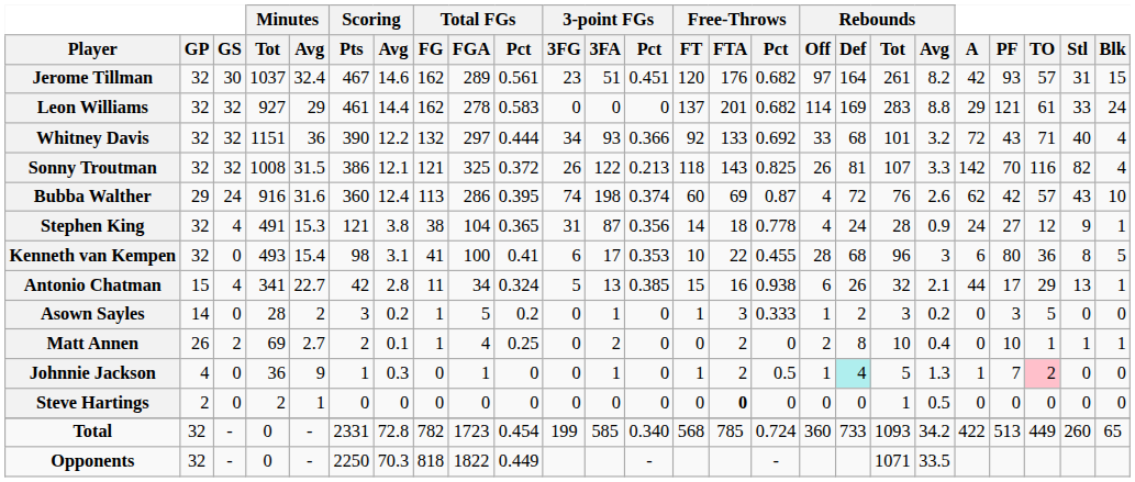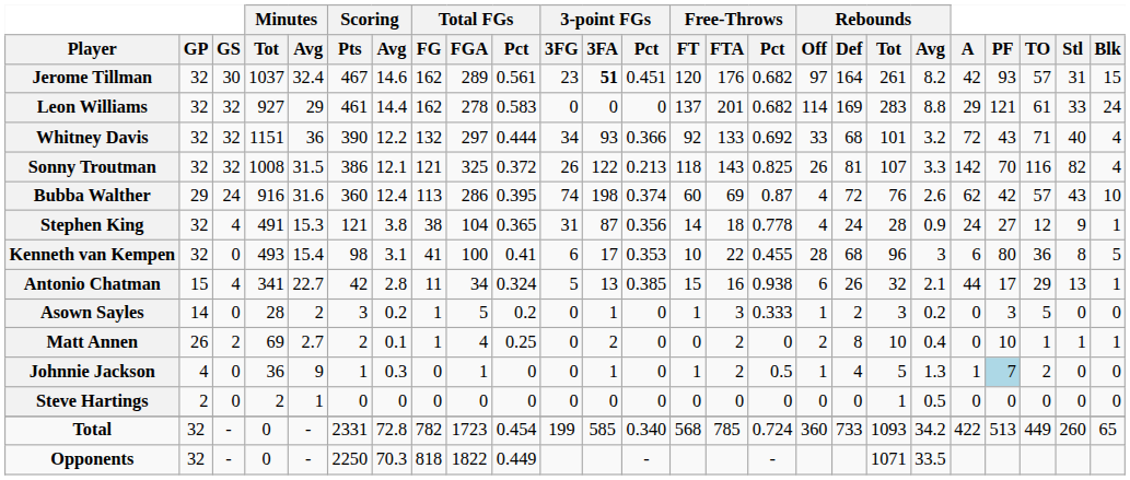 <table class="wikitable sortable" border="1" style="font-size:90%;">
 <tr>
 <th colspan="3" style="border-top-style:hidden; border-left-style:hidden; background: white;"></th>
 <th colspan="2" style=>Minutes</th>
 <th colspan="2" style=>Scoring</th>
 <th colspan="3" style=>Total FGs</th>
 <th colspan="3" style=>3-point FGs</th>
 <th colspan="3" style=>Free-Throws</th>
 <th colspan="4" style=>Rebounds</th>
 <th colspan="5" style="border-top-style:hidden; border-right-style:hidden; background: white;"></th>
 </tr>
 <tr>
 <th scope="col" style=>Player</th>
 <th scope="col" style=>GP</th>
 <th scope="col" style=>GS</th>
 <th scope="col" style=>Tot</th>
 <th scope="col" style=>Avg</th>
 <th scope="col" style=>Pts</th>
 <th scope="col" style=>Avg</th>
 <th scope="col" style=>FG</th>
 <th scope="col" style=>FGA</th>
 <th scope="col" style=>Pct</th>
 <th scope="col" style=>3FG</th>
 <th scope="col" style=>3FA</th>
 <th scope="col" style=>Pct</th>
 <th scope="col" style=>FT</th>
 <th scope="col" style=>FTA</th>
 <th scope="col" style=>Pct</th>
 <th scope="col" style=>Off</th>
 <th scope="col" style=>Def</th>
 <th scope="col" style=>Tot</th>
 <th scope="col" style=>Avg</th>
 <th scope="col" style=>A</th>
 <th scope="col" style=>PF</th>
 <th scope="col" style=>TO</th>
 <th scope="col" style=>Stl</th>
 <th scope="col" style=>Blk</th>
 </tr>
 <tr>
 <th>Jerome Tillman</th>
 <td align="right">32</td>
 <td align="right">30</td>
 <td align="right">1037</td>
 <td align="right">32.4</td>
 <td align="right">467</td>
 <td align="right">14.6</td>
 <td align="right">162</td>
 <td align="right">289</td>
 <td align="right">0.561</td>
 <td align="right">23</td>
-<td align="right">51</td>
+<td align="right"><strong>51</strong></td>
 <td align="right">0.451</td>
 <td align="right">120</td>
 <td align="right">176</td>
 <td align="right">0.682</td>
 <td align="right">97</td>
 <td align="right">164</td>
 <td align="right">261</td>
 <td align="right">8.2</td>
 <td align="right">42</td>
 <td align="right">93</td>
 <td align="right">57</td>
 <td align="right">31</td>
 <td align="right">15</td>
 </tr>
 <tr>
 <th>Leon Williams</th>
 <td align="right">32</td>
 <td align="right">32</td>
 <td align="right">927</td>
 <td align="right">29</td>
 <td align="right">461</td>
 <td align="right">14.4</td>
 <td align="right">162</td>
 <td align="right">278</td>
 <td align="right">0.583</td>
 <td align="right">0</td>
 <td align="right">0</td>
 <td align="right">0</td>
 <td align="right">137</td>
 <td align="right">201</td>
 <td align="right">0.682</td>
 <td align="right">114</td>
 <td align="right">169</td>
 <td align="right">283</td>
 <td align="right">8.8</td>
 <td align="right">29</td>
 <td align="right">121</td>
 <td align="right">61</td>
 <td align="right">33</td>
 <td align="right">24</td>
 </tr>
 <tr>
 <th>Whitney Davis</th>
 <td align="right">32</td>
 <td align="right">32</td>
 <td align="right">1151</td>
 <td align="right">36</td>
 <td align="right">390</td>
 <td align="right">12.2</td>
 <td align="right">132</td>
 <td align="right">297</td>
 <td align="right">0.444</td>
 <td align="right">34</td>
 <td align="right">93</td>
 <td align="right">0.366</td>
 <td align="right">92</td>
 <td align="right">133</td>
 <td align="right">0.692</td>
 <td align="right">33</td>
 <td align="right">68</td>
 <td align="right">101</td>
 <td align="right">3.2</td>
 <td align="right">72</td>
 <td align="right">43</td>
 <td align="right">71</td>
 <td align="right">40</td>
 <td align="right">4</td>
 </tr>
 <tr>
 <th>Sonny Troutman</th>
 <td align="right">32</td>
 <td align="right">32</td>
 <td align="right">1008</td>
 <td align="right">31.5</td>
 <td align="right">386</td>
 <td align="right">12.1</td>
 <td align="right">121</td>
 <td align="right">325</td>
 <td align="right">0.372</td>
 <td align="right">26</td>
 <td align="right">122</td>
 <td align="right">0.213</td>
 <td align="right">118</td>
 <td align="right">143</td>
 <td align="right">0.825</td>
 <td align="right">26</td>
 <td align="right">81</td>
 <td align="right">107</td>
 <td align="right">3.3</td>
 <td align="right">142</td>
 <td align="right">70</td>
 <td align="right">116</td>
 <td align="right">82</td>
 <td align="right">4</td>
 </tr>
 <tr>
 <th>Bubba Walther</th>
 <td align="right">29</td>
 <td align="right">24</td>
 <td align="right">916</td>
 <td align="right">31.6</td>
 <td align="right">360</td>
 <td align="right">12.4</td>
 <td align="right">113</td>
 <td align="right">286</td>
 <td align="right">0.395</td>
 <td align="right">74</td>
 <td align="right">198</td>
 <td align="right">0.374</td>
 <td align="right">60</td>
 <td align="right">69</td>
 <td align="right">0.87</td>
 <td align="right">4</td>
 <td align="right">72</td>
 <td align="right">76</td>
 <td align="right">2.6</td>
 <td align="right">62</td>
 <td align="right">42</td>
 <td align="right">57</td>
 <td align="right">43</td>
 <td align="right">10</td>
 </tr>
 <tr>
 <th>Stephen King</th>
 <td align="right">32</td>
 <td align="right">4</td>
 <td align="right">491</td>
 <td align="right">15.3</td>
 <td align="right">121</td>
 <td align="right">3.8</td>
 <td align="right">38</td>
 <td align="right">104</td>
 <td align="right">0.365</td>
 <td align="right">31</td>
 <td align="right">87</td>
 <td align="right">0.356</td>
 <td align="right">14</td>
 <td align="right">18</td>
 <td align="right">0.778</td>
 <td align="right">4</td>
 <td align="right">24</td>
 <td align="right">28</td>
 <td align="right">0.9</td>
 <td align="right">24</td>
 <td align="right">27</td>
 <td align="right">12</td>
 <td align="right">9</td>
 <td align="right">1</td>
 </tr>
 <tr>
 <th>Kenneth van Kempen</th>
 <td align="right">32</td>
 <td align="right">0</td>
 <td align="right">493</td>
 <td align="right">15.4</td>
 <td align="right">98</td>
 <td align="right">3.1</td>
 <td align="right">41</td>
 <td align="right">100</td>
 <td align="right">0.41</td>
 <td align="right">6</td>
 <td align="right">17</td>
 <td align="right">0.353</td>
 <td align="right">10</td>
 <td align="right">22</td>
 <td align="right">0.455</td>
 <td align="right">28</td>
 <td align="right">68</td>
 <td align="right">96</td>
 <td align="right">3</td>
 <td align="right">6</td>
 <td align="right">80</td>
 <td align="right">36</td>
 <td align="right">8</td>
 <td align="right">5</td>
 </tr>
 <tr>
 <th>Antonio Chatman</th>
 <td align="right">15</td>
 <td align="right">4</td>
 <td align="right">341</td>
 <td align="right">22.7</td>
 <td align="right">42</td>
 <td align="right">2.8</td>
 <td align="right">11</td>
 <td align="right">34</td>
 <td align="right">0.324</td>
 <td align="right">5</td>
 <td align="right">13</td>
 <td align="right">0.385</td>
 <td align="right">15</td>
 <td align="right">16</td>
 <td align="right">0.938</td>
 <td align="right">6</td>
 <td align="right">26</td>
 <td align="right">32</td>
 <td align="right">2.1</td>
 <td align="right">44</td>
 <td align="right">17</td>
 <td align="right">29</td>
 <td align="right">13</td>
 <td align="right">1</td>
 </tr>
 <tr>
 <th>Asown Sayles</th>
 <td align="right">14</td>
 <td align="right">0</td>
 <td align="right">28</td>
 <td align="right">2</td>
 <td align="right">3</td>
 <td align="right">0.2</td>
 <td align="right">1</td>
 <td align="right">5</td>
 <td align="right">0.2</td>
 <td align="right">0</td>
 <td align="right">1</td>
 <td align="right">0</td>
 <td align="right">1</td>
 <td align="right">3</td>
 <td align="right">0.333</td>
 <td align="right">1</td>
 <td align="right">2</td>
 <td align="right">3</td>
 <td align="right">0.2</td>
 <td align="right">0</td>
 <td align="right">3</td>
 <td align="right">5</td>
 <td align="right">0</td>
 <td align="right">0</td>
 </tr>
 <tr>
 <th>Matt Annen</th>
 <td align="right">26</td>
 <td align="right">2</td>
 <td align="right">69</td>
 <td align="right">2.7</td>
 <td align="right">2</td>
 <td align="right">0.1</td>
 <td align="right">1</td>
 <td align="right">4</td>
 <td align="right">0.25</td>
 <td align="right">0</td>
 <td align="right">2</td>
 <td align="right">0</td>
 <td align="right">0</td>
 <td align="right">2</td>
 <td align="right">0</td>
 <td align="right">2</td>
 <td align="right">8</td>
 <td align="right">10</td>
 <td align="right">0.4</td>
 <td align="right">0</td>
 <td align="right">10</td>
 <td align="right">1</td>
 <td align="right">1</td>
 <td align="right">1</td>
 </tr>
 <tr>
 <th>Johnnie Jackson</th>
 <td align="right">4</td>
 <td align="right">0</td>
 <td align="right">36</td>
 <td align="right">9</td>
 <td align="right">1</td>
 <td align="right">0.3</td>
 <td align="right">0</td>
 <td align="right">1</td>
 <td align="right">0</td>
 <td align="right">0</td>
 <td align="right">1</td>
 <td align="right">0</td>
 <td align="right">1</td>
 <td align="right">2</td>
 <td align="right">0.5</td>
 <td align="right">1</td>
-<td align="right" style="background: paleturquoise;">4</td>
+<td align="right">4</td>
 <td align="right">5</td>
 <td align="right">1.3</td>
 <td align="right">1</td>
-<td align="right">7</td>
-<td align="right" style="background: pink;">2</td>
+<td align="right" style="background: lightblue;">7</td>
+<td align="right">2</td>
 <td align="right">0</td>
 <td align="right">0</td>
 </tr>
 <tr>
 <th>Steve Hartings</th>
 <td align="right">2</td>
 <td align="right">0</td>
 <td align="right">2</td>
 <td align="right">1</td>
 <td align="right">0</td>
 <td align="right">0</td>
 <td align="right">0</td>
 <td align="right">0</td>
 <td align="right">0</td>
 <td align="right">0</td>
 <td align="right">0</td>
 <td align="right">0</td>
 <td align="right">0</td>
-<td align="right"><strong>0</strong></td>
+<td align="right">0</td>
 <td align="right">0</td>
 <td align="right">0</td>
 <td align="right">0</td>
 <td align="right">1</td>
 <td align="right">0.5</td>
 <td align="right">0</td>
 <td align="right">0</td>
 <td align="right">0</td>
 <td align="right">0</td>
 <td align="right">0</td>
 </tr>
 <tr>
 </tr>
 <tr class="sortbottom">
 <td align="center" style=><strong>Total</strong></td>
 <td align="center" style=>32</td>
 <td align="center" style=>-</td>
 <td align="center" style=>0</td>
 <td align="center" style=>-</td>
 <td align="center" style=>2331</td>
 <td align="center" style=>72.8</td>
 <td align="center" style=>782</td>
 <td align="center" style=>1723</td>
 <td align="center" style=>0.454</td>
 <td align="center" style=>199</td>
 <td align="center" style=>585</td>
 <td align="center" style=>0.340</td>
 <td align="center" style=>568</td>
 <td align="center" style=>785</td>
 <td align="center" style=>0.724</td>
 <td align="center" style=>360</td>
 <td align="center" style=>733</td>
 <td align="center" style=>1093</td>
 <td align="center" style=>34.2</td>
 <td align="center" style=>422</td>
 <td align="center" style=>513</td>
 <td align="center" style=>449</td>
 <td align="center" style=>260</td>
 <td align="center" style=>65</td>
 </tr>
 <tr class="sortbottom">
 <td align="center"><strong>Opponents</strong></td>
 <td align="center">32</td>
 <td align="center">-</td>
 <td align="center">0</td>
 <td align="center">-</td>
 <td align="center">2250</td>
 <td align="center">70.3</td>
 <td align="center">818</td>
 <td align="center">1822</td>
 <td align="center">0.449</td>
 <td align="center"></td>
 <td align="center"></td>
 <td align="center">-</td>
 <td align="center"></td>
 <td align="center"></td>
 <td align="center">-</td>
 <td align="center"></td>
 <td align="center"></td>
 <td align="center">1071</td>
 <td align="center">33.5</td>
 <td align="center"></td>
 <td align="center"></td>
 <td align="center"></td>
 <td align="center"></td>
 <td align="center"></td>
 </tr>
 </table>
